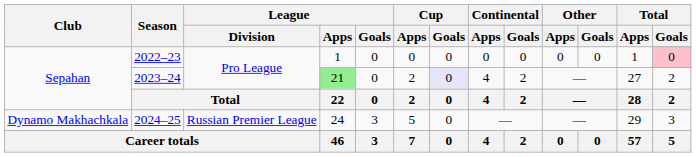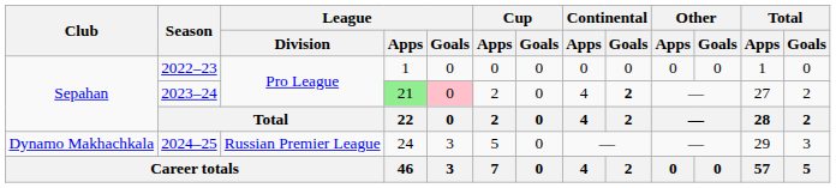 <table class="wikitable" style="text-align: center;">
 <tr>
 <th rowspan="2">Club</th>
 <th rowspan="2">Season</th>
 <th colspan="3">League</th>
 <th colspan="2">Cup</th>
 <th colspan="2">Continental</th>
 <th colspan="2">Other</th>
 <th colspan="2">Total</th>
 </tr>
 <tr>
 <th>Division</th>
 <th>Apps</th>
 <th>Goals</th>
 <th>Apps</th>
 <th>Goals</th>
 <th>Apps</th>
 <th>Goals</th>
 <th>Apps</th>
 <th>Goals</th>
 <th>Apps</th>
 <th>Goals</th>
 </tr>
 <tr>
 <td rowspan="3"><a href='#'>Sepahan</a></td>
 <td><a href='#'>2022–23</a></td>
 <td rowspan="2"><a href='#'>Pro League</a></td>
 <td>1</td>
 <td>0</td>
 <td>0</td>
 <td>0</td>
 <td>0</td>
 <td>0</td>
 <td>0</td>
 <td>0</td>
 <td>1</td>
-<td style="background: pink;">0</td>
+<td>0</td>
 </tr>
 <tr>
 <td><a href='#'>2023–24</a></td>
 <td style="background: lightgreen;">21</td>
+<td style="background: pink;">0</td>
+<td>2</td>
 <td>0</td>
-<td>2</td>
-<td style="background: lavender;">0</td>
 <td>4</td>
-<td>2</td>
+<td><strong>2</strong></td>
 <td colspan="2">—</td>
 <td>27</td>
 <td>2</td>
 </tr>
 <tr>
 <th colspan="2">Total</th>
 <th>22</th>
 <th>0</th>
 <th>2</th>
 <th>0</th>
 <th>4</th>
 <th>2</th>
 <th colspan="2">—</th>
 <th>28</th>
 <th>2</th>
 </tr>
 <tr>
 <td><a href='#'>Dynamo Makhachkala</a></td>
 <td><a href='#'>2024–25</a></td>
 <td rowspan="1"><a href='#'>Russian Premier League</a></td>
 <td>24</td>
 <td>3</td>
 <td>5</td>
 <td>0</td>
 <td colspan="2">—</td>
 <td colspan="2">—</td>
 <td>29</td>
 <td>3</td>
 </tr>
 <tr>
 <th colspan="3">Career totals</th>
 <th>46</th>
 <th>3</th>
 <th>7</th>
 <th>0</th>
 <th>4</th>
 <th>2</th>
 <th>0</th>
 <th>0</th>
 <th>57</th>
 <th>5</th>
 </tr>
 </table>
